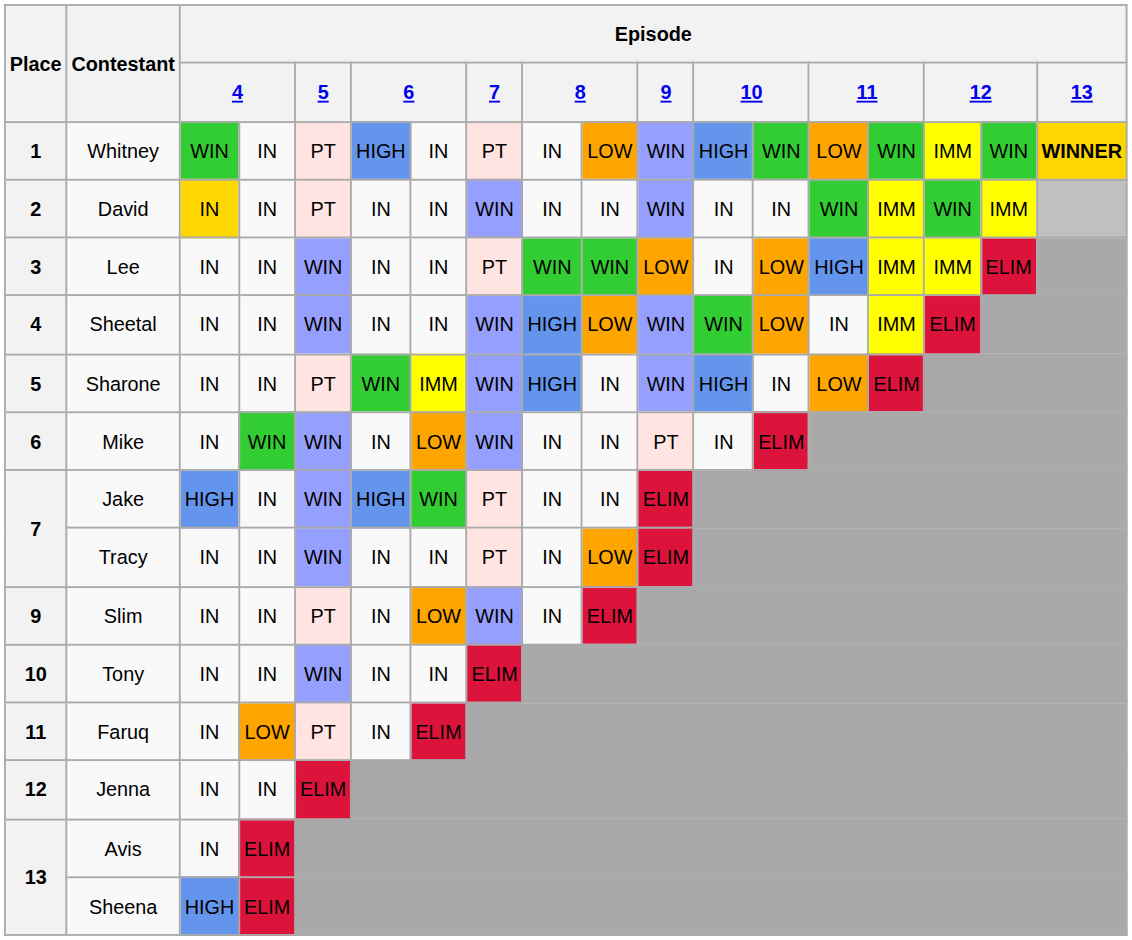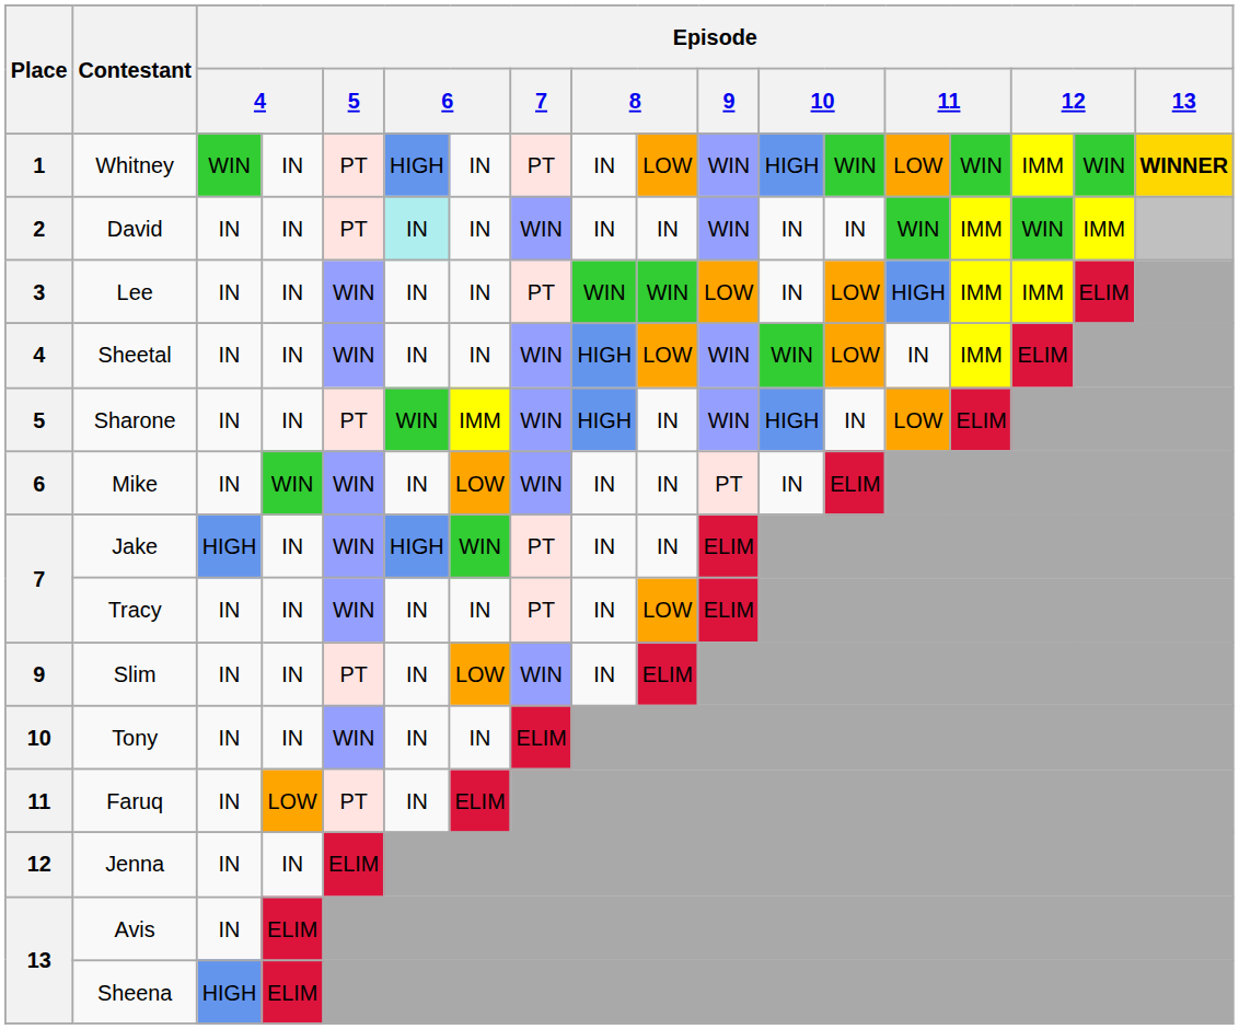 <table class="wikitable" style="text-align: center; font-size: 8pt; line-height:26px;">
 <tr>
 <th rowspan="2">Place</th>
 <th rowspan="2">Contestant</th>
 <th colspan="16">Episode</th>
 </tr>
 <tr>
 <th colspan="2"><a href='#'>4</a></th>
 <th><a href='#'>5</a></th>
 <th colspan="2"><a href='#'>6</a></th>
 <th><a href='#'>7</a></th>
 <th colspan="2"><a href='#'>8</a></th>
 <th><a href='#'>9</a></th>
 <th colspan="2"><a href='#'>10</a></th>
 <th colspan="2"><a href='#'>11</a></th>
 <th colspan="2"><a href='#'>12</a></th>
 <th><a href='#'>13</a></th>
 </tr>
 <tr>
 <th>1</th>
 <td>Whitney</td>
 <td style="background:limegreen">WIN</td>
 <td>IN</td>
 <td style="background:mistyrose;">PT</td>
 <td style="background:cornflowerblue">HIGH</td>
 <td>IN</td>
 <td style="background:mistyrose;">PT</td>
 <td>IN</td>
 <td style="background:orange">LOW</td>
 <td style="background:#959FFD">WIN</td>
 <td style="background:cornflowerblue">HIGH</td>
 <td style="background:limegreen">WIN</td>
 <td style="background:orange;">LOW</td>
 <td style="background:limegreen;">WIN</td>
 <td style="background:yellow;">IMM</td>
 <td style="background:limegreen">WIN</td>
 <td style="background:gold"><strong>WINNER</strong></td>
 </tr>
 <tr>
 <th>2</th>
 <td>David</td>
-<td style="background: gold;">IN</td>
+<td>IN</td>
 <td>IN</td>
 <td style="background:mistyrose;">PT</td>
-<td>IN</td>
+<td style="background: paleturquoise;">IN</td>
 <td>IN</td>
 <td style="background:#959FFD">WIN</td>
 <td>IN</td>
 <td>IN</td>
 <td style="background:#959FFD">WIN</td>
 <td>IN</td>
 <td>IN</td>
 <td style="background:limegreen;">WIN</td>
 <td style="background:yellow;">IMM</td>
 <td style="background:limegreen">WIN</td>
 <td style="background:yellow;">IMM</td>
 <td style="background:silver"></td>
 </tr>
 <tr>
 <th>3</th>
 <td>Lee</td>
 <td>IN</td>
 <td>IN</td>
 <td style="background:#959FFD">WIN</td>
 <td>IN</td>
 <td>IN</td>
 <td style="background:mistyrose;">PT</td>
 <td style="background:limegreen">WIN</td>
 <td style="background:limegreen">WIN</td>
 <td style="background:orange">LOW</td>
 <td>IN</td>
 <td style="background:orange">LOW</td>
 <td style="background:cornflowerblue;">HIGH</td>
 <td style="background:yellow;">IMM</td>
 <td style="background:yellow;">IMM</td>
 <td style="background:crimson">ELIM</td>
 <td style="background: darkgrey none repeat scroll 0% 0%;"></td>
 </tr>
 <tr>
 <th>4</th>
 <td>Sheetal</td>
 <td>IN</td>
 <td>IN</td>
 <td style="background:#959FFD">WIN</td>
 <td>IN</td>
 <td>IN</td>
 <td style="background:#959FFD">WIN</td>
 <td style="background:cornflowerblue">HIGH</td>
 <td style="background:orange;">LOW</td>
 <td style="background:#959FFD">WIN</td>
 <td style="background:limegreen;">WIN</td>
 <td style="background:orange;">LOW</td>
 <td>IN</td>
 <td style="background:yellow;">IMM</td>
 <td style="background:crimson">ELIM</td>
 <td colspan="2" style="background: darkgrey none repeat scroll 0% 0%;"></td>
 </tr>
 <tr>
 <th>5</th>
 <td>Sharone</td>
 <td>IN</td>
 <td>IN</td>
 <td style="background:mistyrose;">PT</td>
 <td style="background:limegreen;">WIN</td>
 <td style="background:yellow;">IMM</td>
 <td style="background:#959FFD">WIN</td>
 <td style="background:cornflowerblue">HIGH</td>
 <td>IN</td>
 <td style="background:#959FFD">WIN</td>
 <td style="background:cornflowerblue;">HIGH</td>
 <td>IN</td>
 <td style="background:orange;">LOW</td>
 <td style="background:crimson">ELIM</td>
 <td colspan="3" style="background: darkgrey none repeat scroll 0% 0%;"></td>
 </tr>
 <tr>
 <th>6</th>
 <td>Mike</td>
 <td>IN</td>
 <td style="background:limegreen">WIN</td>
 <td style="background:#959FFD">WIN</td>
 <td>IN</td>
 <td style="background:orange">LOW</td>
 <td style="background:#959FFD">WIN</td>
 <td>IN</td>
 <td>IN</td>
 <td style="background:mistyrose;">PT</td>
 <td>IN</td>
 <td style="background:crimson">ELIM</td>
 <td colspan="5" style="background: darkgrey none repeat scroll 0% 0%;"></td>
 </tr>
 <tr>
 <th rowspan=2>7</th>
 <td>Jake</td>
 <td style="background:cornflowerblue">HIGH</td>
 <td>IN</td>
 <td style="background:#959FFD">WIN</td>
 <td style="background:cornflowerblue">HIGH</td>
 <td style="background:limegreen">WIN</td>
 <td style="background:mistyrose">PT</td>
 <td>IN</td>
 <td>IN</td>
 <td style="background:crimson">ELIM</td>
 <td colspan="7" style="background: darkgrey none repeat scroll 0% 0%;"></td>
 </tr>
 <tr>
 <td>Tracy</td>
 <td>IN</td>
 <td>IN</td>
 <td style="background:#959FFD">WIN</td>
 <td>IN</td>
 <td>IN</td>
 <td style="background:mistyrose">PT</td>
 <td>IN</td>
 <td style="background:orange">LOW</td>
 <td style="background:crimson">ELIM</td>
 <td colspan="7" style="background: darkgrey none repeat scroll 0% 0%;"></td>
 </tr>
 <tr>
 <th>9</th>
 <td>Slim</td>
 <td>IN</td>
 <td>IN</td>
 <td style="background:mistyrose">PT</td>
 <td>IN</td>
 <td style="background:orange">LOW</td>
 <td style="background:#959FFD">WIN</td>
 <td>IN</td>
 <td style="background:crimson">ELIM</td>
 <td colspan="8" style="background: darkgrey none repeat scroll 0% 0%;"></td>
 </tr>
 <tr>
 <th>10</th>
 <td>Tony</td>
 <td>IN</td>
 <td>IN</td>
 <td style="background:#959FFD">WIN</td>
 <td>IN</td>
 <td>IN</td>
 <td style="background:crimson">ELIM</td>
 <td colspan="10" style="background: darkgrey none repeat scroll 0% 0%;"></td>
 </tr>
 <tr>
 <th>11</th>
 <td>Faruq</td>
 <td>IN</td>
 <td style="background:orange">LOW</td>
 <td style="background:mistyrose">PT</td>
 <td>IN</td>
 <td style="background:crimson">ELIM</td>
 <td colspan="11" style="background: darkgrey none repeat scroll 0% 0%;"></td>
 </tr>
 <tr>
 <th>12</th>
 <td>Jenna</td>
 <td>IN</td>
 <td>IN</td>
 <td style="background:crimson">ELIM</td>
 <td colspan="13" style="background: darkgrey none repeat scroll 0% 0%;"></td>
 </tr>
 <tr>
 <th rowspan=2>13</th>
 <td>Avis</td>
 <td>IN</td>
 <td style="background:crimson">ELIM</td>
 <td colspan="14" style="background: darkgrey none repeat scroll 0% 0%;"></td>
 </tr>
 <tr>
 <td>Sheena</td>
 <td style="background:cornflowerblue">HIGH</td>
 <td style="background:crimson">ELIM</td>
 <td colspan="14" style="background: darkgrey none repeat scroll 0% 0%;"></td>
 </tr>
 </table>
